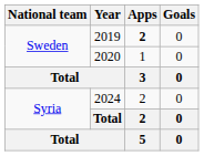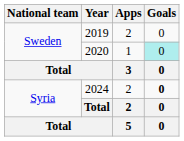 <table class="wikitable" style="text-align:center">
 <tr>
 <th>National team</th>
 <th>Year</th>
 <th>Apps</th>
 <th>Goals</th>
 </tr>
 <tr>
 <td rowspan="2"><a href='#'>Sweden</a></td>
 <td>2019</td>
-<td><strong>2</strong></td>
+<td>2</td>
 <td>0</td>
 </tr>
 <tr>
 <td>2020</td>
 <td>1</td>
-<td>0</td>
+<td style="background: paleturquoise;">0</td>
 </tr>
 <tr>
 <th colspan="2">Total</th>
 <th>3</th>
 <th>0</th>
 </tr>
 <tr>
 <td rowspan="2"><a href='#'>Syria</a></td>
 <td>2024</td>
 <td>2</td>
-<td>0</td>
+<td><strong>0</strong></td>
 </tr>
 <tr>
 <th>Total</th>
 <th>2</th>
 <th>0</th>
 </tr>
 <tr>
 <th colspan="2">Total</th>
 <th>5</th>
 <th>0</th>
 </tr>
 </table>
